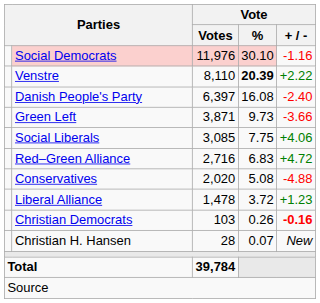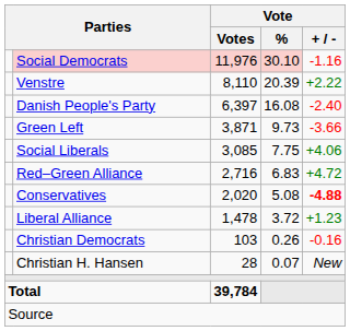 <table class="wikitable" style="text-align:right;">
 <tr>
 <th style="text-align:centre;" rowspan="2" colspan="2" width="225">Parties</th>
 <th colspan="3">Vote</th>
 </tr>
 <tr>
 <th width="15">Votes</th>
 <th width="15">%</th>
 <th width="15">+ / -</th>
 </tr>
 <tr>
 <td width="2" style="color:inherit;background:"></td>
 <td bgcolor=#fbd0ce  align="left"><a href='#'>Social Democrats</a></td>
 <td bgcolor=#fbd0ce>11,976</td>
 <td bgcolor=#fbd0ce>30.10</td>
 <td style=color:red;>-1.16</td>
 </tr>
 <tr>
 <td width="2" style="color:inherit;background:"></td>
 <td align="left"><a href='#'>Venstre</a></td>
 <td>8,110</td>
-<td><strong>20.39</strong></td>
+<td>20.39</td>
 <td style=color:green;>+2.22</td>
 </tr>
 <tr>
 <td width="2" style="color:inherit;background:"></td>
 <td align="left"><a href='#'>Danish People's Party</a></td>
 <td>6,397</td>
 <td>16.08</td>
 <td style=color:red;>-2.40</td>
 </tr>
 <tr>
 <td width="2" style="color:inherit;background:"></td>
 <td align="left"><a href='#'>Green Left</a></td>
 <td>3,871</td>
 <td>9.73</td>
 <td style=color:red;>-3.66</td>
 </tr>
 <tr>
 <td width="2" style="color:inherit;background:"></td>
 <td align="left"><a href='#'>Social Liberals</a></td>
 <td>3,085</td>
 <td>7.75</td>
 <td style=color:green;>+4.06</td>
 </tr>
 <tr>
 <td width="2" style="color:inherit;background:"></td>
 <td align="left"><a href='#'>Red–Green Alliance</a></td>
 <td>2,716</td>
 <td>6.83</td>
 <td style=color:green;>+4.72</td>
 </tr>
 <tr>
 <td width="2" style="color:inherit;background:"></td>
 <td align="left"><a href='#'>Conservatives</a></td>
 <td>2,020</td>
 <td>5.08</td>
-<td style=color:red;>-4.88</td>
+<td style=color:red;><strong>-4.88</strong></td>
 </tr>
 <tr>
 <td width="2" style="color:inherit;background:"></td>
 <td align="left"><a href='#'>Liberal Alliance</a></td>
 <td>1,478</td>
 <td>3.72</td>
 <td style=color:green;>+1.23</td>
 </tr>
 <tr>
 <td width="2" style="color:inherit;background:"></td>
 <td align="left"><a href='#'>Christian Democrats</a></td>
 <td>103</td>
 <td>0.26</td>
-<td style=color:red;><strong>-0.16</strong></td>
+<td style=color:red;>-0.16</td>
 </tr>
 <tr>
 <td width="2" style="color:inherit;background:"></td>
 <td align="left">Christian H. Hansen</td>
 <td>28</td>
 <td>0.07</td>
 <td><em>New</em></td>
 </tr>
 <tr>
 <td colspan="7" bgcolor="#E9E9E9"></td>
 </tr>
 <tr>
 <td align="left" colspan="2"><strong>Total</strong></td>
 <td><strong>39,784</strong></td>
 <td bgcolor="#E9E9E9" colspan="2"></td>
 </tr>
 <tr>
 <td align="left" colspan="6">Source</td>
 </tr>
 </table>
